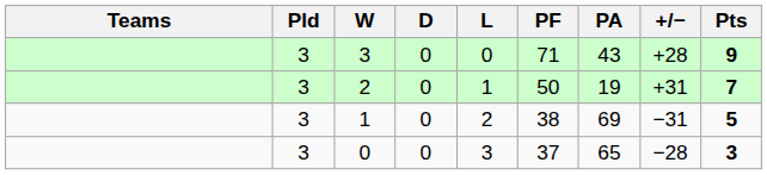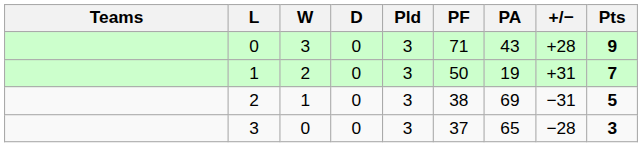 <table class="wikitable" style="text-align: center;">
 <tr>
 <th width="200">Teams</th>
-<th width="40">Pld</th>
+<th width="40">L</th>
 <th width="40">W</th>
 <th width="40">D</th>
-<th width="40">L</th>
+<th width="40">Pld</th>
 <th width="40">PF</th>
 <th width="40">PA</th>
 <th width="40">+/−</th>
 <th width="40">Pts</th>
 </tr>
 <tr bgcolor=ccffcc>
 <td align=left></td>
-<td>3</td>
+<td>0</td>
 <td>3</td>
 <td>0</td>
-<td>0</td>
+<td>3</td>
 <td>71</td>
 <td>43</td>
 <td>+28</td>
 <td><strong>9</strong></td>
 </tr>
 <tr bgcolor=ccffcc>
 <td align=left></td>
-<td>3</td>
+<td>1</td>
 <td>2</td>
 <td>0</td>
-<td>1</td>
+<td>3</td>
 <td>50</td>
 <td>19</td>
 <td>+31</td>
 <td><strong>7</strong></td>
 </tr>
 <tr>
 <td align=left></td>
-<td>3</td>
+<td>2</td>
 <td>1</td>
 <td>0</td>
-<td>2</td>
+<td>3</td>
 <td>38</td>
 <td>69</td>
 <td>−31</td>
 <td><strong>5</strong></td>
 </tr>
 <tr>
 <td align=left></td>
 <td>3</td>
 <td>0</td>
 <td>0</td>
 <td>3</td>
 <td>37</td>
 <td>65</td>
 <td>−28</td>
 <td><strong>3</strong></td>
 </tr>
 </table>
